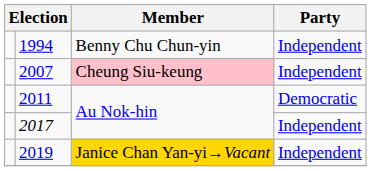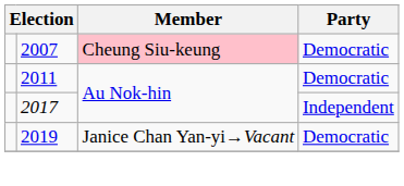 <table class="wikitable">
 <tr>
 <th colspan="2">Election</th>
 <th>Member</th>
 <th>Party</th>
 </tr>
 <tr>
 <td style="background-color: "></td>
-<td><a href='#'>1994</a></td>
-<td>Benny Chu Chun-yin</td>
-<td><a href='#'>Independent</a></td>
-</tr>
-<tr>
-<td style="background-color: "></td>
 <td><a href='#'>2007</a></td>
 <td style="background: pink;">Cheung Siu-keung</td>
-<td><a href='#'>Independent</a></td>
+<td><a href='#'>Democratic</a></td>
 </tr>
 <tr>
 <td style="background-color: "></td>
 <td><a href='#'>2011</a></td>
 <td rowspan=2><a href='#'>Au Nok-hin</a></td>
 <td><a href='#'>Democratic</a></td>
 </tr>
 <tr>
 <td style="background-color: "></td>
 <td><em>2017</em></td>
 <td><a href='#'>Independent</a></td>
 </tr>
 <tr>
 <td style="background-color: "></td>
 <td><a href='#'>2019</a></td>
-<td style="background: gold;">Janice Chan Yan-yi→<em>Vacant</em></td>
-<td><a href='#'>Independent</a></td>
+<td>Janice Chan Yan-yi→<em>Vacant</em></td>
+<td><a href='#'>Democratic</a></td>
 </tr>
 <tr>
 </tr>
 </table>
